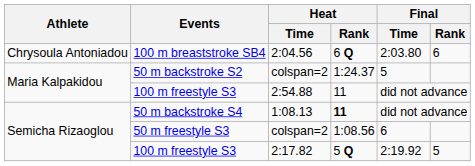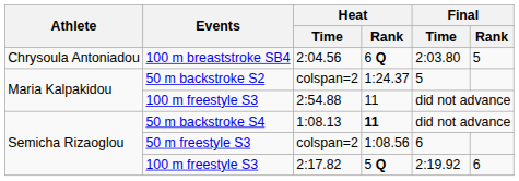 <table class=wikitable>
 <tr>
 <th rowspan="2">Athlete</th>
 <th rowspan="2">Events</th>
 <th colspan="2">Heat</th>
 <th colspan="2">Final</th>
 </tr>
 <tr>
 <th>Time</th>
 <th>Rank</th>
 <th>Time</th>
 <th>Rank</th>
 </tr>
 <tr>
 <td>Chrysoula Antoniadou</td>
 <td><a href='#'>100 m breaststroke SB4</a></td>
 <td>2:04.56</td>
 <td>6 <strong>Q</strong></td>
 <td>2:03.80</td>
-<td>6</td>
+<td>5</td>
 </tr>
 <tr>
 <td rowspan=2>Maria Kalpakidou</td>
 <td><a href='#'>50 m backstroke S2</a></td>
 <td>colspan=2 </td>
 <td>1:24.37</td>
 <td>5</td>
 </tr>
 <tr>
 <td><a href='#'>100 m freestyle S3</a></td>
 <td>2:54.88</td>
 <td>11</td>
 <td colspan=2>did not advance</td>
 </tr>
 <tr>
 <td rowspan=3>Semicha Rizaoglou</td>
 <td><a href='#'>50 m backstroke S4</a></td>
 <td>1:08.13</td>
 <td><strong>11</strong></td>
 <td colspan=2>did not advance</td>
 </tr>
 <tr>
 <td><a href='#'>50 m freestyle S3</a></td>
 <td>colspan=2 </td>
 <td>1:08.56</td>
 <td>6</td>
 </tr>
 <tr>
 <td><a href='#'>100 m freestyle S3</a></td>
 <td>2:17.82</td>
 <td>5 <strong>Q</strong></td>
 <td>2:19.92</td>
-<td>5</td>
+<td>6</td>
 </tr>
 </table>
